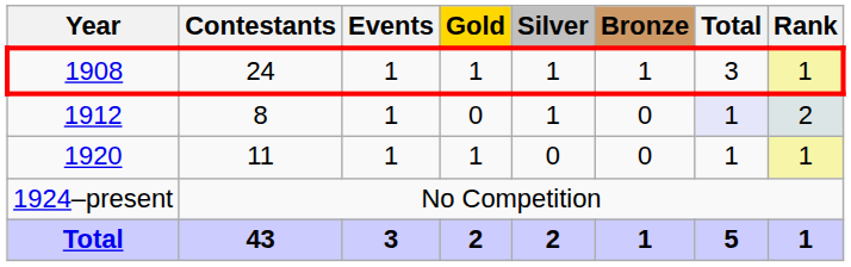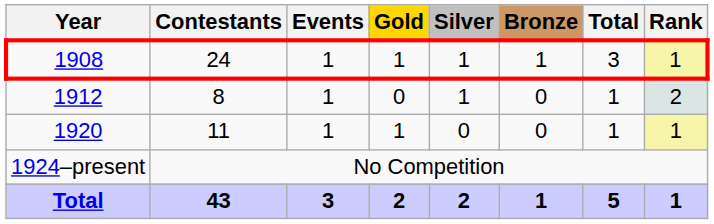 <table class="wikitable sortable collapsible collapsed">
 <tr>
 <th>Year</th>
 <th>Contestants</th>
 <th>Events</th>
 <th style="text-align:center; background-color:gold;"><strong>Gold</strong></th>
 <th style="text-align:center; background-color:silver;"><strong>Silver</strong></th>
 <th style="text-align:center; background-color:#c96;"><strong>Bronze</strong></th>
 <th>Total</th>
 <th>Rank</th>
 </tr>
 <tr style="text-align:center;border: 3px solid red">
 <td><a href='#'>1908</a></td>
 <td>24</td>
 <td>1</td>
 <td>1</td>
 <td>1</td>
 <td>1</td>
 <td>3</td>
 <td style="background-color:#F7F6A8">1</td>
 </tr>
 <tr style="text-align:center">
 <td><a href='#'>1912</a></td>
 <td>8</td>
 <td>1</td>
 <td>0</td>
 <td>1</td>
 <td>0</td>
-<td style="background: lavender;">1</td>
+<td>1</td>
 <td style="background-color:#dce5e5">2</td>
 </tr>
 <tr style="text-align:center">
 <td><a href='#'>1920</a></td>
 <td>11</td>
 <td>1</td>
 <td>1</td>
 <td>0</td>
 <td>0</td>
 <td>1</td>
 <td style="background-color:#F7F6A8">1</td>
 </tr>
 <tr style="text-align:center">
 <td><a href='#'>1924</a>–present</td>
 <td colspan="7">No Competition</td>
 </tr>
 <tr style="text-align:center; background-color:#ccf;">
 <td><strong><a href='#'>Total</a></strong></td>
 <td><strong>43</strong></td>
 <td><strong>3</strong></td>
 <td><strong>2</strong></td>
 <td><strong>2</strong></td>
 <td><strong>1</strong></td>
 <td><strong>5</strong></td>
 <td><strong>1</strong></td>
 </tr>
 </table>
